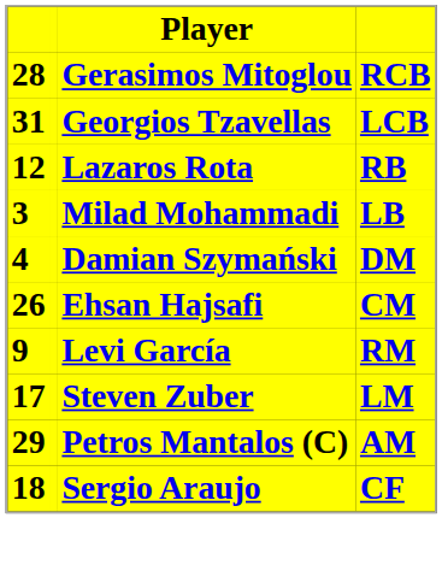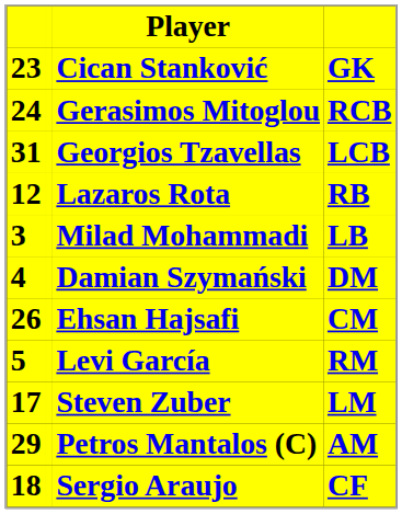 <table class="toccolours" border="0" cellpadding="2" cellspacing="0" align="center" style="margin: 0.5em 0 1em 1em; background: #000000; border: 1px #aaaaaa solid;">
 <tr bgcolor=#FFFF00>
 <th></th>
 <th></th>
 <th>Player</th>
 <th></th>
 </tr>
 <tr bgcolor=#FFFF00>
-<td><strong>28</strong></td>
+<td><strong>23</strong></td>
+<td></td>
+<td><a href='#'><span><strong>Cican Stanković</strong></span></a></td>
+<td><a href='#'><strong>GK</strong></a></td>
+</tr>
+<tr bgcolor=#FFFF00>
+<td><strong>24</strong></td>
 <td></td>
 <td><a href='#'><span><strong>Gerasimos Mitoglou</strong></span></a></td>
 <td><a href='#'><strong>RCB</strong></a></td>
 </tr>
 <tr bgcolor=#FFFF00>
 <td><strong>31</strong></td>
 <td></td>
 <td><a href='#'><span><strong>Georgios Tzavellas</strong></span></a></td>
 <td><a href='#'><strong>LCB</strong></a></td>
 </tr>
 <tr bgcolor=#FFFF00>
 <td><strong>12</strong></td>
 <td></td>
 <td><a href='#'><span><strong>Lazaros Rota</strong></span></a></td>
 <td><a href='#'><strong>RB</strong></a></td>
 </tr>
 <tr bgcolor=#FFFF00>
 <td><strong>3</strong></td>
 <td></td>
 <td><a href='#'><span><strong>Milad Mohammadi</strong></span></a></td>
 <td><a href='#'><strong>LB</strong></a></td>
 </tr>
 <tr bgcolor=#FFFF00>
 <td><strong>4</strong></td>
 <td></td>
 <td><a href='#'><span><strong>Damian Szymański</strong></span></a></td>
 <td><a href='#'><strong>DM</strong></a></td>
 </tr>
 <tr bgcolor=#FFFF00>
 <td><strong>26</strong></td>
 <td></td>
 <td><a href='#'><span><strong>Ehsan Hajsafi</strong></span></a></td>
 <td><a href='#'><strong>CM</strong></a></td>
 </tr>
 <tr bgcolor=#FFFF00>
-<td><strong>9</strong></td>
+<td><strong>5</strong></td>
 <td></td>
 <td><a href='#'><span><strong>Levi García</strong></span></a></td>
 <td><a href='#'><strong>RM</strong></a></td>
 </tr>
 <tr bgcolor=#FFFF00>
 <td><strong>17</strong></td>
 <td></td>
 <td><a href='#'><span><strong>Steven Zuber</strong></span></a></td>
 <td><a href='#'><strong>LM</strong></a></td>
 </tr>
 <tr bgcolor=#FFFF00>
 <td><strong>29</strong></td>
 <td></td>
 <td><a href='#'><span><strong>Petros Mantalos</strong></span></a> <strong>(C)</strong></td>
 <td><a href='#'><strong>AM</strong></a></td>
 </tr>
 <tr bgcolor=#FFFF00>
 <td><strong>18</strong></td>
 <td></td>
 <td><a href='#'><span><strong>Sergio Araujo</strong></span></a></td>
 <td><a href='#'><strong>CF</strong></a></td>
 </tr>
 </table>
